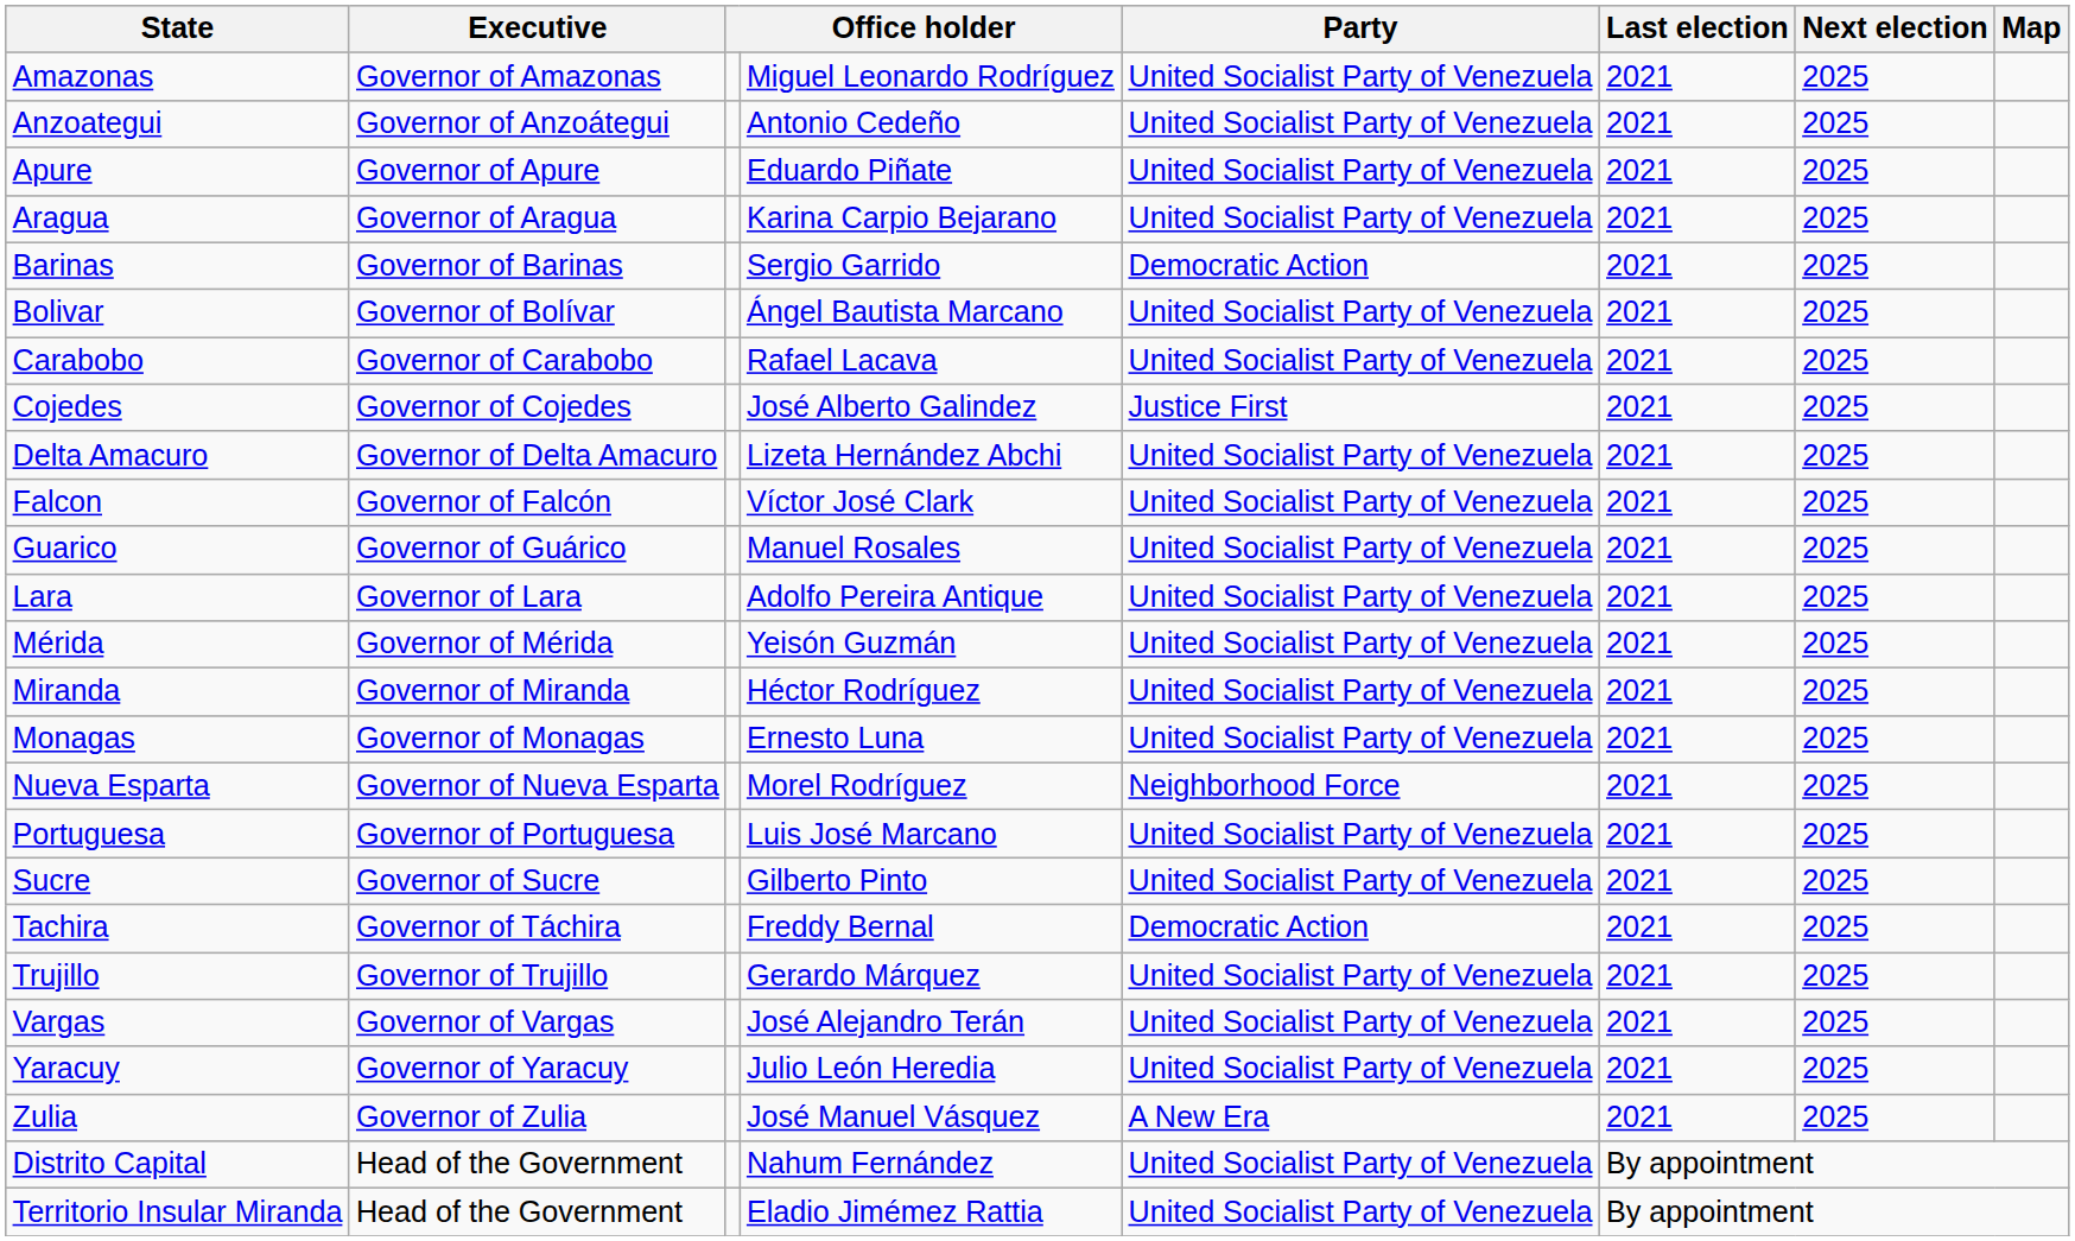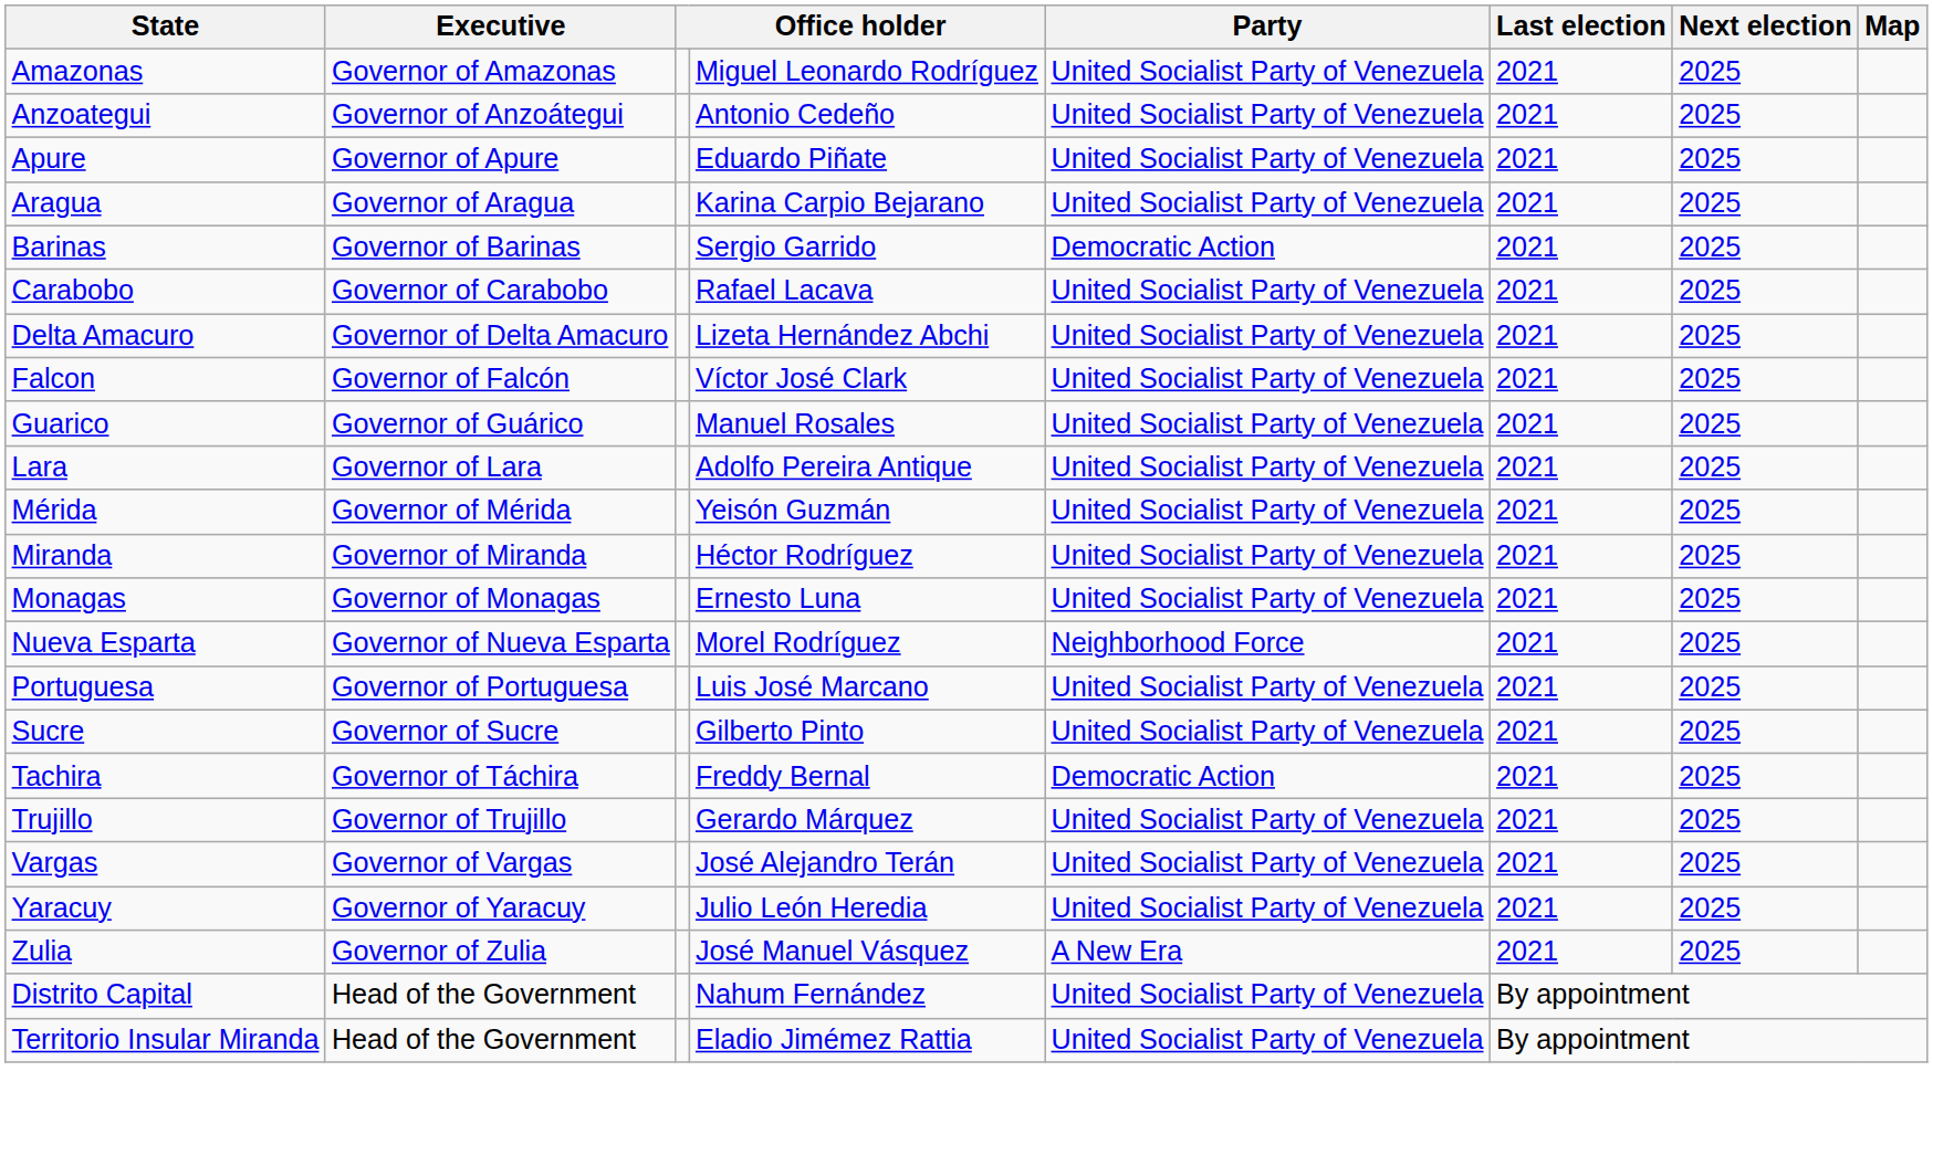 <table class=wikitable>
 <tr>
 <th><strong>State</strong></th>
 <th>Executive</th>
 <th colspan="2">Office holder</th>
 <th>Party</th>
 <th>Last election</th>
 <th>Next election</th>
 <th><strong>Map</strong></th>
 </tr>
 <tr>
 <td><a href='#'>Amazonas</a><br></td>
 <td><a href='#'>Governor of Amazonas</a></td>
 <td style="background-color:"></td>
 <td><a href='#'>Miguel Leonardo Rodríguez</a></td>
 <td><a href='#'>United Socialist Party of Venezuela</a></td>
 <td><a href='#'>2021</a></td>
 <td><a href='#'>2025</a></td>
 <td></td>
 </tr>
 <tr>
 <td><a href='#'>Anzoategui</a><br></td>
 <td><a href='#'>Governor of Anzoátegui</a></td>
 <td style="background-color:"></td>
 <td><a href='#'>Antonio Cedeño</a></td>
 <td><a href='#'>United Socialist Party of Venezuela</a></td>
 <td><a href='#'>2021</a></td>
 <td><a href='#'>2025</a></td>
 <td></td>
 </tr>
 <tr>
 <td><a href='#'>Apure</a><br></td>
 <td><a href='#'>Governor of Apure</a></td>
 <td style="background-color:"></td>
 <td><a href='#'>Eduardo Piñate</a></td>
 <td><a href='#'>United Socialist Party of Venezuela</a></td>
 <td><a href='#'>2021</a></td>
 <td><a href='#'>2025</a></td>
 <td></td>
 </tr>
 <tr>
 <td><a href='#'>Aragua</a><br></td>
 <td><a href='#'>Governor of Aragua</a></td>
 <td style="background-color:"></td>
 <td><a href='#'>Karina Carpio Bejarano</a></td>
 <td><a href='#'>United Socialist Party of Venezuela</a></td>
 <td><a href='#'>2021</a></td>
 <td><a href='#'>2025</a></td>
 <td></td>
 </tr>
 <tr>
 <td><a href='#'>Barinas</a><br></td>
 <td><a href='#'>Governor of Barinas</a></td>
 <td style="background-color:"></td>
 <td><a href='#'>Sergio Garrido</a></td>
 <td><a href='#'>Democratic Action</a></td>
 <td><a href='#'>2021</a></td>
 <td><a href='#'>2025</a></td>
 <td></td>
 </tr>
 <tr>
-<td><a href='#'>Bolivar</a><br></td>
-<td><a href='#'>Governor of Bolívar</a></td>
-<td style="background-color:"></td>
-<td><a href='#'>Ángel Bautista Marcano</a></td>
-<td><a href='#'>United Socialist Party of Venezuela</a></td>
-<td><a href='#'>2021</a></td>
-<td><a href='#'>2025</a></td>
-<td></td>
-</tr>
-<tr>
 <td><a href='#'>Carabobo</a><br></td>
 <td><a href='#'>Governor of Carabobo</a></td>
 <td style="background-color:"></td>
 <td><a href='#'>Rafael Lacava</a></td>
 <td><a href='#'>United Socialist Party of Venezuela</a></td>
-<td><a href='#'>2021</a></td>
-<td><a href='#'>2025</a></td>
-<td></td>
-</tr>
-<tr>
-<td><a href='#'>Cojedes</a><br></td>
-<td><a href='#'>Governor of Cojedes</a></td>
-<td style="background-color:"></td>
-<td><a href='#'>José Alberto Galindez</a></td>
-<td><a href='#'>Justice First</a></td>
 <td><a href='#'>2021</a></td>
 <td><a href='#'>2025</a></td>
 <td></td>
 </tr>
 <tr>
 <td><a href='#'>Delta Amacuro</a><br></td>
 <td><a href='#'>Governor of Delta Amacuro</a></td>
 <td style="background-color:"></td>
 <td><a href='#'>Lizeta Hernández Abchi</a></td>
 <td><a href='#'>United Socialist Party of Venezuela</a></td>
 <td><a href='#'>2021</a></td>
 <td><a href='#'>2025</a></td>
 <td></td>
 </tr>
 <tr>
 <td><a href='#'>Falcon</a><br></td>
 <td><a href='#'>Governor of Falcón</a></td>
 <td style="background-color:"></td>
 <td><a href='#'>Víctor José Clark</a></td>
 <td><a href='#'>United Socialist Party of Venezuela</a></td>
 <td><a href='#'>2021</a></td>
 <td><a href='#'>2025</a></td>
 <td></td>
 </tr>
 <tr>
 <td><a href='#'>Guarico</a><br></td>
 <td><a href='#'>Governor of Guárico</a></td>
 <td style="background-color:"></td>
 <td><a href='#'>Manuel Rosales</a></td>
 <td><a href='#'>United Socialist Party of Venezuela</a></td>
 <td><a href='#'>2021</a></td>
 <td><a href='#'>2025</a></td>
 <td></td>
 </tr>
 <tr>
 <td><a href='#'>Lara</a><br></td>
 <td><a href='#'>Governor of Lara</a></td>
 <td style="background-color:"></td>
 <td><a href='#'>Adolfo Pereira Antique</a></td>
 <td><a href='#'>United Socialist Party of Venezuela</a></td>
 <td><a href='#'>2021</a></td>
 <td><a href='#'>2025</a></td>
 <td></td>
 </tr>
 <tr>
 <td><a href='#'>Mérida</a><br></td>
 <td><a href='#'>Governor of Mérida</a></td>
 <td style="background-color:"></td>
 <td><a href='#'>Yeisón Guzmán</a></td>
 <td><a href='#'>United Socialist Party of Venezuela</a></td>
 <td><a href='#'>2021</a></td>
 <td><a href='#'>2025</a></td>
 <td></td>
 </tr>
 <tr>
 <td><a href='#'>Miranda</a><br></td>
 <td><a href='#'>Governor of Miranda</a></td>
 <td style="background-color:"></td>
 <td><a href='#'>Héctor Rodríguez</a></td>
 <td><a href='#'>United Socialist Party of Venezuela</a></td>
 <td><a href='#'>2021</a></td>
 <td><a href='#'>2025</a></td>
 <td></td>
 </tr>
 <tr>
 <td><a href='#'>Monagas</a><br></td>
 <td><a href='#'>Governor of Monagas</a></td>
 <td style="background-color:"></td>
 <td><a href='#'>Ernesto Luna</a></td>
 <td><a href='#'>United Socialist Party of Venezuela</a></td>
 <td><a href='#'>2021</a></td>
 <td><a href='#'>2025</a></td>
 <td></td>
 </tr>
 <tr>
 <td><a href='#'>Nueva Esparta</a><br></td>
 <td><a href='#'>Governor of Nueva Esparta</a></td>
 <td style="background-color:"></td>
 <td><a href='#'>Morel Rodríguez</a></td>
 <td><a href='#'>Neighborhood Force</a></td>
 <td><a href='#'>2021</a></td>
 <td><a href='#'>2025</a></td>
 <td></td>
 </tr>
 <tr>
 <td><a href='#'>Portuguesa</a><br></td>
 <td><a href='#'>Governor of Portuguesa</a></td>
 <td style="background-color:"></td>
 <td><a href='#'>Luis José Marcano</a></td>
 <td><a href='#'>United Socialist Party of Venezuela</a></td>
 <td><a href='#'>2021</a></td>
 <td><a href='#'>2025</a></td>
 <td></td>
 </tr>
 <tr>
 <td><a href='#'>Sucre</a><br></td>
 <td><a href='#'>Governor of Sucre</a></td>
 <td style="background-color:"></td>
 <td><a href='#'>Gilberto Pinto</a></td>
 <td><a href='#'>United Socialist Party of Venezuela</a></td>
 <td><a href='#'>2021</a></td>
 <td><a href='#'>2025</a></td>
 <td></td>
 </tr>
 <tr>
 <td><a href='#'>Tachira</a><br></td>
 <td><a href='#'>Governor of Táchira</a></td>
 <td style="background-color:"></td>
 <td><a href='#'>Freddy Bernal</a></td>
 <td><a href='#'>Democratic Action</a></td>
 <td><a href='#'>2021</a></td>
 <td><a href='#'>2025</a></td>
 <td></td>
 </tr>
 <tr>
 <td><a href='#'>Trujillo</a><br></td>
 <td><a href='#'>Governor of Trujillo</a></td>
 <td style="background-color:"></td>
 <td><a href='#'>Gerardo Márquez</a></td>
 <td><a href='#'>United Socialist Party of Venezuela</a></td>
 <td><a href='#'>2021</a></td>
 <td><a href='#'>2025</a></td>
 <td></td>
 </tr>
 <tr>
 <td><a href='#'>Vargas</a><br></td>
 <td><a href='#'>Governor of Vargas</a></td>
 <td style="background-color:"></td>
 <td><a href='#'>José Alejandro Terán</a></td>
 <td><a href='#'>United Socialist Party of Venezuela</a></td>
 <td><a href='#'>2021</a></td>
 <td><a href='#'>2025</a></td>
 <td></td>
 </tr>
 <tr>
 <td><a href='#'>Yaracuy</a><br></td>
 <td><a href='#'>Governor of Yaracuy</a></td>
 <td style="background-color:"></td>
 <td><a href='#'>Julio León Heredia</a></td>
 <td><a href='#'>United Socialist Party of Venezuela</a></td>
 <td><a href='#'>2021</a></td>
 <td><a href='#'>2025</a></td>
 <td></td>
 </tr>
 <tr>
 <td><a href='#'>Zulia</a><br></td>
 <td><a href='#'>Governor of Zulia</a></td>
 <td style="background-color:"></td>
 <td><a href='#'>José Manuel Vásquez</a></td>
 <td><a href='#'>A New Era</a></td>
 <td><a href='#'>2021</a></td>
 <td><a href='#'>2025</a></td>
 <td></td>
 </tr>
 <tr>
 <td><a href='#'>Distrito Capital</a><br></td>
 <td>Head of the Government</td>
 <td style="background-color:"></td>
 <td><a href='#'>Nahum Fernández</a></td>
 <td><a href='#'>United Socialist Party of Venezuela</a></td>
 <td colspan="3">By appointment</td>
 </tr>
 <tr>
 <td><a href='#'>Territorio Insular Miranda</a><br></td>
 <td>Head of the Government</td>
 <td style="background-color:"></td>
 <td><a href='#'>Eladio Jimémez Rattia</a></td>
 <td><a href='#'>United Socialist Party of Venezuela</a></td>
 <td colspan="3">By appointment</td>
 </tr>
 </table>
